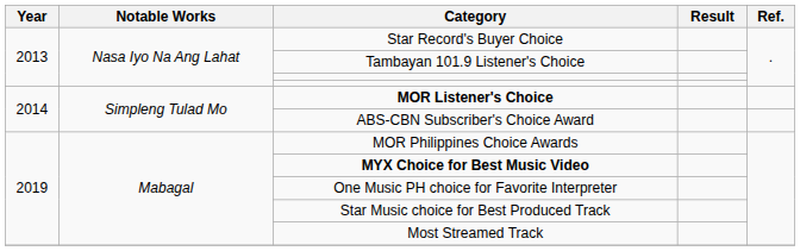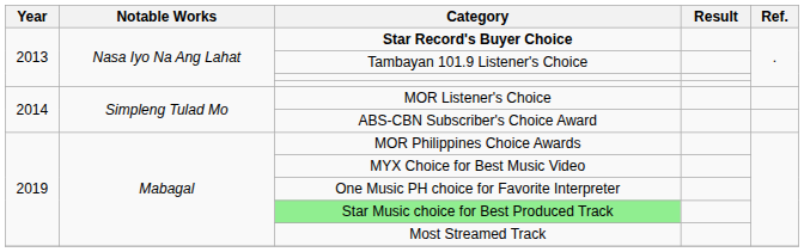 <table class="wikitable" style="text-align:center" width=70%>
 <tr>
 <th>Year</th>
 <th>Notable Works</th>
 <th>Category</th>
 <th>Result</th>
 <th>Ref.</th>
 </tr>
 <tr>
 <td rowspan=4>2013</td>
 <td rowspan=4><em>Nasa Iyo Na Ang Lahat</em></td>
-<td>Star Record's Buyer Choice</td>
+<td><strong>Star Record's Buyer Choice</strong></td>
 <td></td>
 <td rowspan=4>.</td>
 </tr>
 <tr>
 <td>Tambayan 101.9 Listener's Choice</td>
 <td></td>
 </tr>
 <tr>
 <td></td>
 <td></td>
 </tr>
 <tr>
 <td></td>
 <td></td>
 </tr>
 <tr>
 <td rowspan=2>2014</td>
 <td rowspan=2><em>Simpleng Tulad Mo</em></td>
-<td><strong>MOR Listener's Choice</strong></td>
+<td>MOR Listener's Choice</td>
 <td></td>
 <td></td>
 </tr>
 <tr>
 <td>ABS-CBN Subscriber's Choice Award</td>
 <td></td>
 <td></td>
 </tr>
 <tr>
 <td rowspan=5>2019</td>
 <td rowspan=5><em>Mabagal</em></td>
 <td>MOR Philippines Choice Awards</td>
 <td></td>
 <td rowspan=5></td>
 </tr>
 <tr>
-<td><strong>MYX Choice for Best Music Video</strong></td>
+<td>MYX Choice for Best Music Video</td>
 <td></td>
 </tr>
 <tr>
 <td>One Music PH choice for Favorite Interpreter</td>
 <td></td>
 </tr>
 <tr>
-<td>Star Music choice for Best Produced Track</td>
+<td style="background: lightgreen;">Star Music choice for Best Produced Track</td>
 <td></td>
 </tr>
 <tr>
 <td>Most Streamed Track</td>
 <td></td>
 </tr>
 <tr>
 </tr>
 </table>
